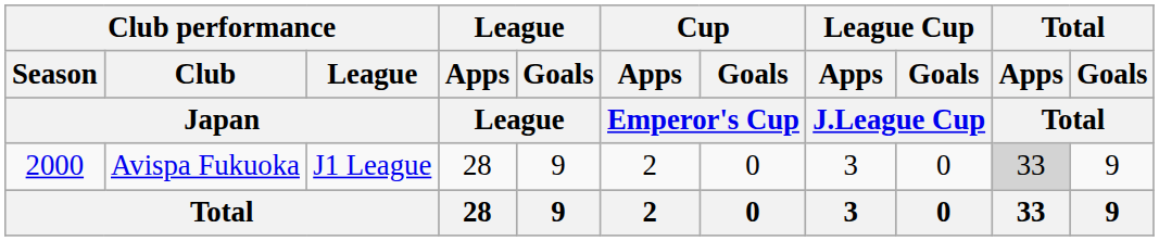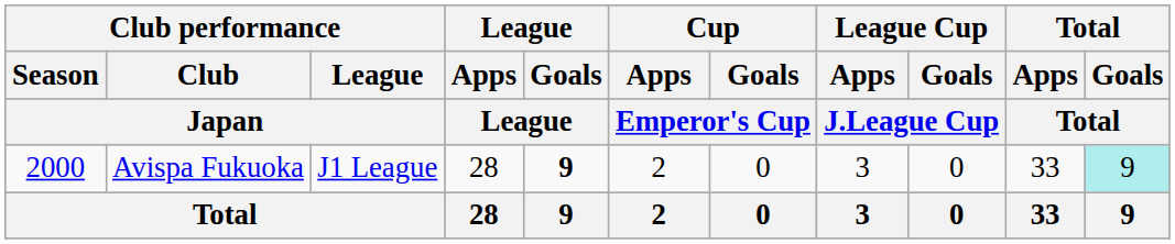 <table class="wikitable" style="text-align:center;">
 <tr>
 <th colspan=3>Club performance</th>
 <th colspan=2>League</th>
 <th colspan=2>Cup</th>
 <th colspan=2>League Cup</th>
 <th colspan=2>Total</th>
 </tr>
 <tr>
 <th>Season</th>
 <th>Club</th>
 <th>League</th>
 <th>Apps</th>
 <th>Goals</th>
 <th>Apps</th>
 <th>Goals</th>
 <th>Apps</th>
 <th>Goals</th>
 <th>Apps</th>
 <th>Goals</th>
 </tr>
 <tr>
 <th colspan=3>Japan</th>
 <th colspan=2>League</th>
 <th colspan=2><a href='#'>Emperor's Cup</a></th>
 <th colspan=2><a href='#'>J.League Cup</a></th>
 <th colspan=2>Total</th>
 </tr>
 <tr>
 <td><a href='#'>2000</a></td>
 <td><a href='#'>Avispa Fukuoka</a></td>
 <td><a href='#'>J1 League</a></td>
 <td>28</td>
-<td>9</td>
+<td><strong>9</strong></td>
 <td>2</td>
 <td>0</td>
 <td>3</td>
 <td>0</td>
-<td style="background: lightgrey;">33</td>
-<td>9</td>
+<td>33</td>
+<td style="background: paleturquoise;">9</td>
 </tr>
 <tr>
 <th colspan=3>Total</th>
 <th>28</th>
 <th>9</th>
 <th>2</th>
 <th>0</th>
 <th>3</th>
 <th>0</th>
 <th>33</th>
 <th>9</th>
 </tr>
 </table>
